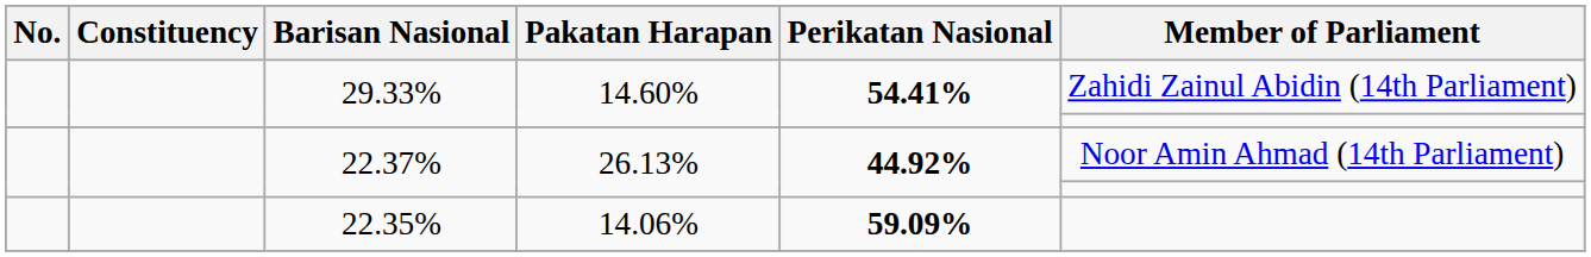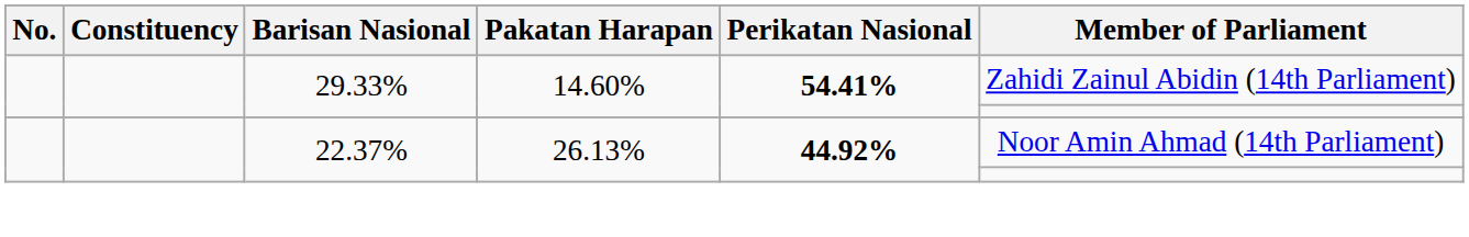 <table class="wikitable sortable" style="text-align:center; font-size:90%">
 <tr>
 <th>No.</th>
 <th>Constituency</th>
 <th>Barisan Nasional</th>
 <th>Pakatan Harapan</th>
 <th>Perikatan Nasional</th>
 <th>Member of Parliament</th>
 </tr>
 <tr align=center>
 <td rowspan=2></td>
 <td rowspan=2></td>
 <td rowspan=2>29.33%</td>
 <td rowspan=2>14.60%</td>
 <td rowspan=2><strong>54.41%</strong></td>
 <td><a href='#'>Zahidi Zainul Abidin</a> (<a href='#'>14th Parliament</a>)</td>
 </tr>
 <tr align=center>
 <td></td>
 </tr>
 <tr align=center>
 <td rowspan=2></td>
 <td rowspan=2></td>
 <td rowspan=2>22.37%</td>
 <td rowspan=2>26.13%</td>
 <td rowspan=2><strong>44.92%</strong></td>
 <td><a href='#'>Noor Amin Ahmad</a> (<a href='#'>14th Parliament</a>)</td>
 </tr>
 <tr align=center>
 <td></td>
 </tr>
-<tr align=center>
-<td rowspan=1></td>
-<td rowspan=1></td>
-<td rowspan=1>22.35%</td>
-<td rowspan=1>14.06%</td>
-<td rowspan=1><strong>59.09%</strong></td>
-<td></td>
-</tr>
 </table>
